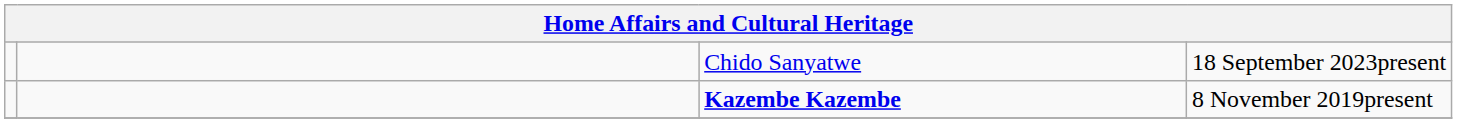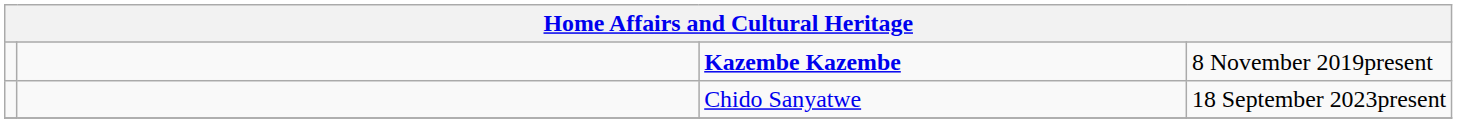 <table class="wikitable">
 <tr>
 <th colspan="4"><a href='#'>Home Affairs and Cultural Heritage</a></th>
+</tr>
+<tr>
+<td style="width: 1px; background: "></td>
+<td style="width: 450px;"></td>
+<td style="width: 320px;"> <strong><a href='#'>Kazembe Kazembe</a></strong></td>
+<td>8 November 2019present</td>
 </tr>
 <tr>
 <td style="width: 1px; background: "></td>
 <td style="width: 450px;"></td>
 <td style="width: 320px;"> <a href='#'>Chido Sanyatwe</a></td>
 <td>18 September 2023present</td>
 </tr>
 <tr>
-<td style="width: 1px; background: "></td>
-<td style="width: 450px;"></td>
-<td style="width: 320px;"> <strong><a href='#'>Kazembe Kazembe</a></strong></td>
-<td>8 November 2019present</td>
-</tr>
-<tr>
 </tr>
 </table>
